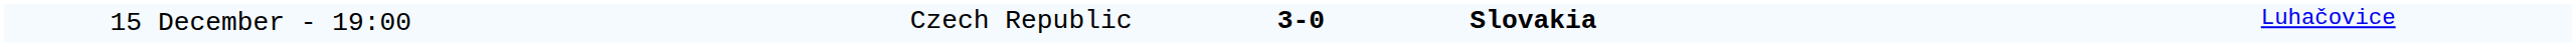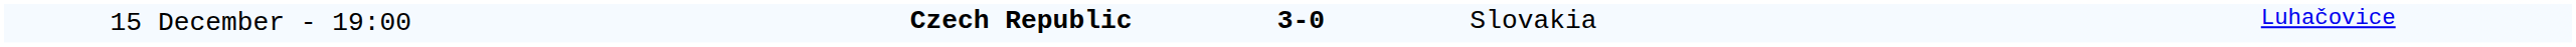 <table style="width: 100%; background:#F5FAFF;" cellspacing="0">
 <tr>
 <td align=center rowspan=3 width=20%>15 December - 19:00</td>
 </tr>
 <tr>
-<td width=24% align=right>Czech Republic </td>
+<td width=24% align=right><strong>Czech Republic </strong></td>
 <td align=center width=13%><strong>3-0</strong></td>
-<td width=24%><strong> Slovakia</strong></td>
+<td width=24%> Slovakia</td>
 <td style=font-size:85% rowspan=3 valign=top align=center><a href='#'>Luhačovice</a></td>
 </tr>
 <tr style=font-size:85%>
 <td align=right valign=top></td>
 <td></td>
 <td></td>
 </tr>
 </table>
